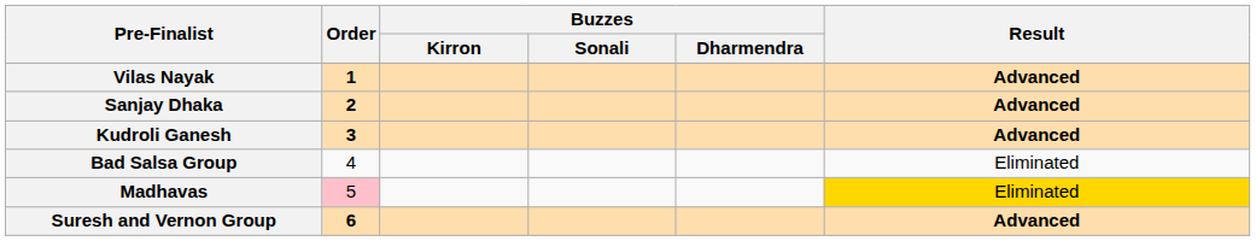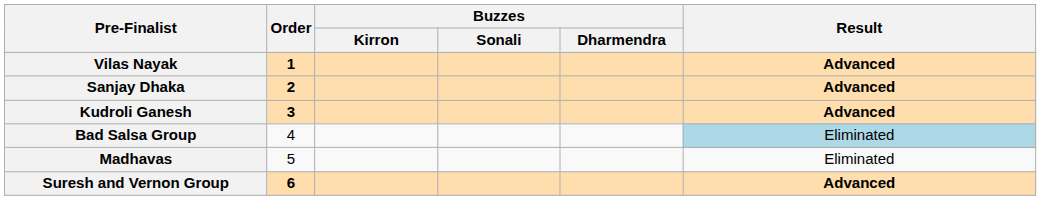 <table class="wikitable plainrowheaders sortable" style="text-align:center;">
 <tr>
 <th rowspan="2" scope="col" class="unsortable" style="width:17em;">Pre-Finalist</th>
 <th rowspan="2" scope="col" style="width:1em;">Order</th>
 <th colspan="3" scope="col" class="unsortable" style="width:24em;">Buzzes</th>
 <th rowspan="2" scope="col" style="width:23em;">Result</th>
 </tr>
 <tr>
 <th scope="col" class="unsortable" style="width:6em;">Kirron</th>
 <th scope="col" class="unsortable" style="width:6em;">Sonali</th>
 <th scope="col" class="unsortable" style="width:6em;">Dharmendra</th>
 </tr>
 <tr style="background:NavajoWhite;">
 <th scope="row"><strong>Vilas Nayak</strong></th>
 <td><strong>1</strong></td>
 <td style="text-align:center;"></td>
 <td style="text-align:center;"></td>
 <td style="text-align:center;"></td>
 <td><strong>Advanced</strong></td>
 </tr>
 <tr style="background:NavajoWhite;">
 <th scope="row"><strong>Sanjay Dhaka</strong></th>
 <td><strong>2</strong></td>
 <td style="text-align:center;"></td>
 <td style="text-align:center;"></td>
 <td style="text-align:center;"></td>
 <td><strong>Advanced</strong></td>
 </tr>
 <tr style="background:NavajoWhite;">
 <th scope="row"><strong>Kudroli Ganesh</strong></th>
 <td><strong>3</strong></td>
 <td style="text-align:center;"></td>
 <td style="text-align:center;"></td>
 <td style="text-align:center;"></td>
 <td><strong>Advanced</strong></td>
 </tr>
 <tr>
 <th scope="row">Bad Salsa Group</th>
 <td>4</td>
 <td style="text-align:center;"></td>
 <td style="text-align:center;"></td>
 <td style="text-align:center;"></td>
-<td>Eliminated</td>
+<td style="background: lightblue;">Eliminated</td>
 </tr>
 <tr>
 <th scope="row">Madhavas</th>
-<td style="background: pink;">5</td>
+<td>5</td>
 <td style="text-align:center;"></td>
 <td style="text-align:center;"></td>
 <td style="text-align:center;"></td>
-<td style="background: gold;">Eliminated</td>
+<td>Eliminated</td>
 </tr>
 <tr style="background:NavajoWhite;">
 <th scope="row"><strong>Suresh and Vernon Group</strong></th>
 <td><strong>6</strong></td>
 <td style="text-align:center;"></td>
 <td style="text-align:center;"></td>
 <td style="text-align:center;"></td>
 <td><strong>Advanced</strong></td>
 </tr>
 </table>
